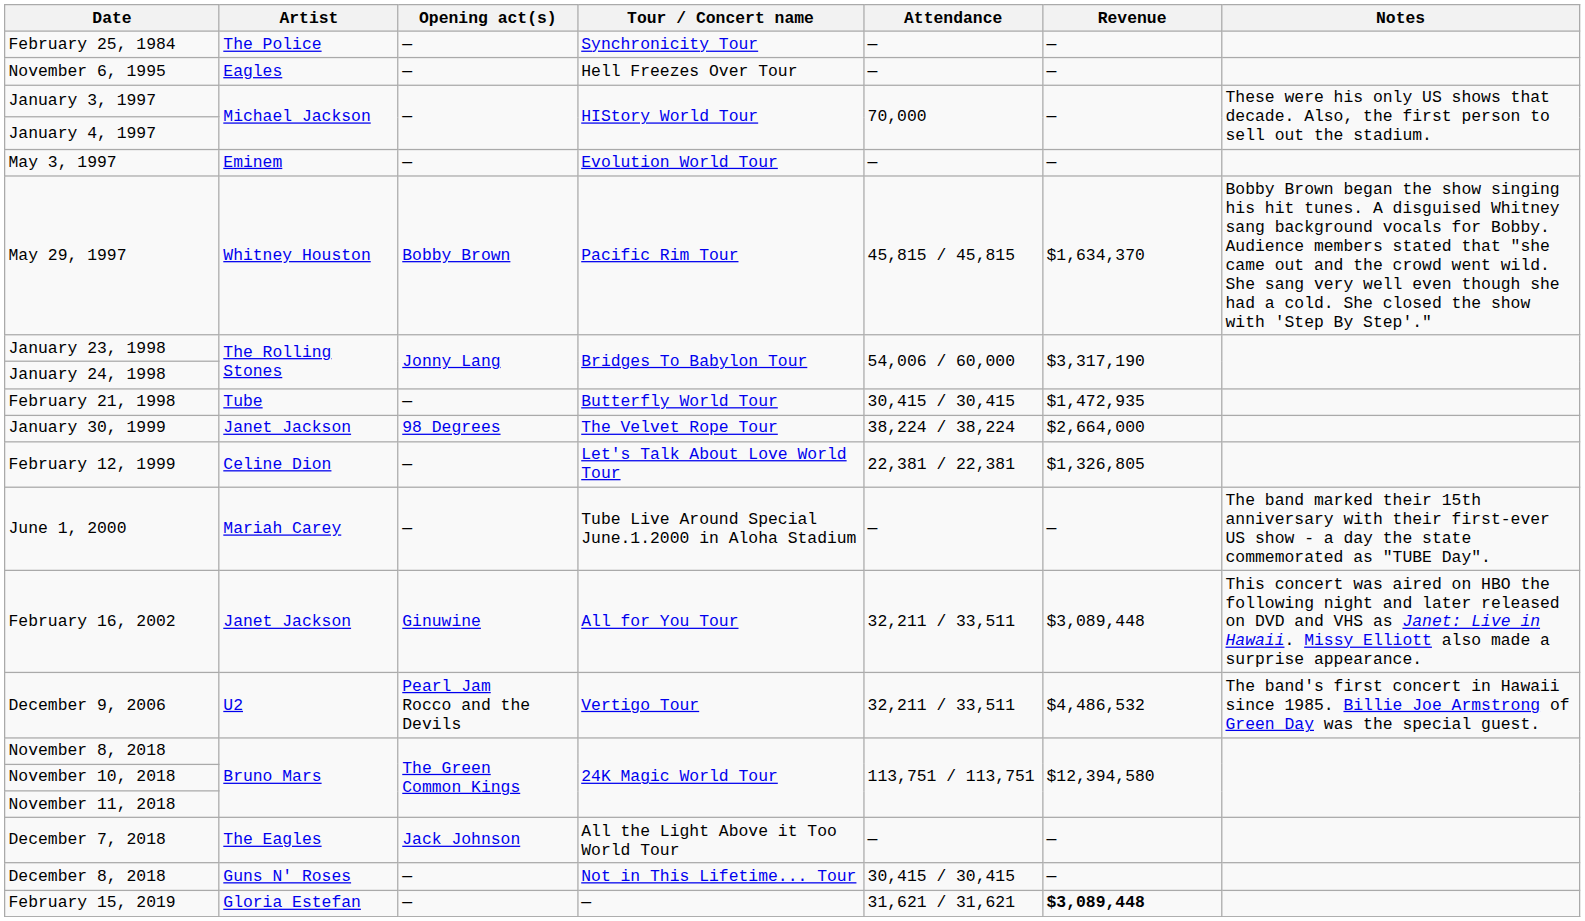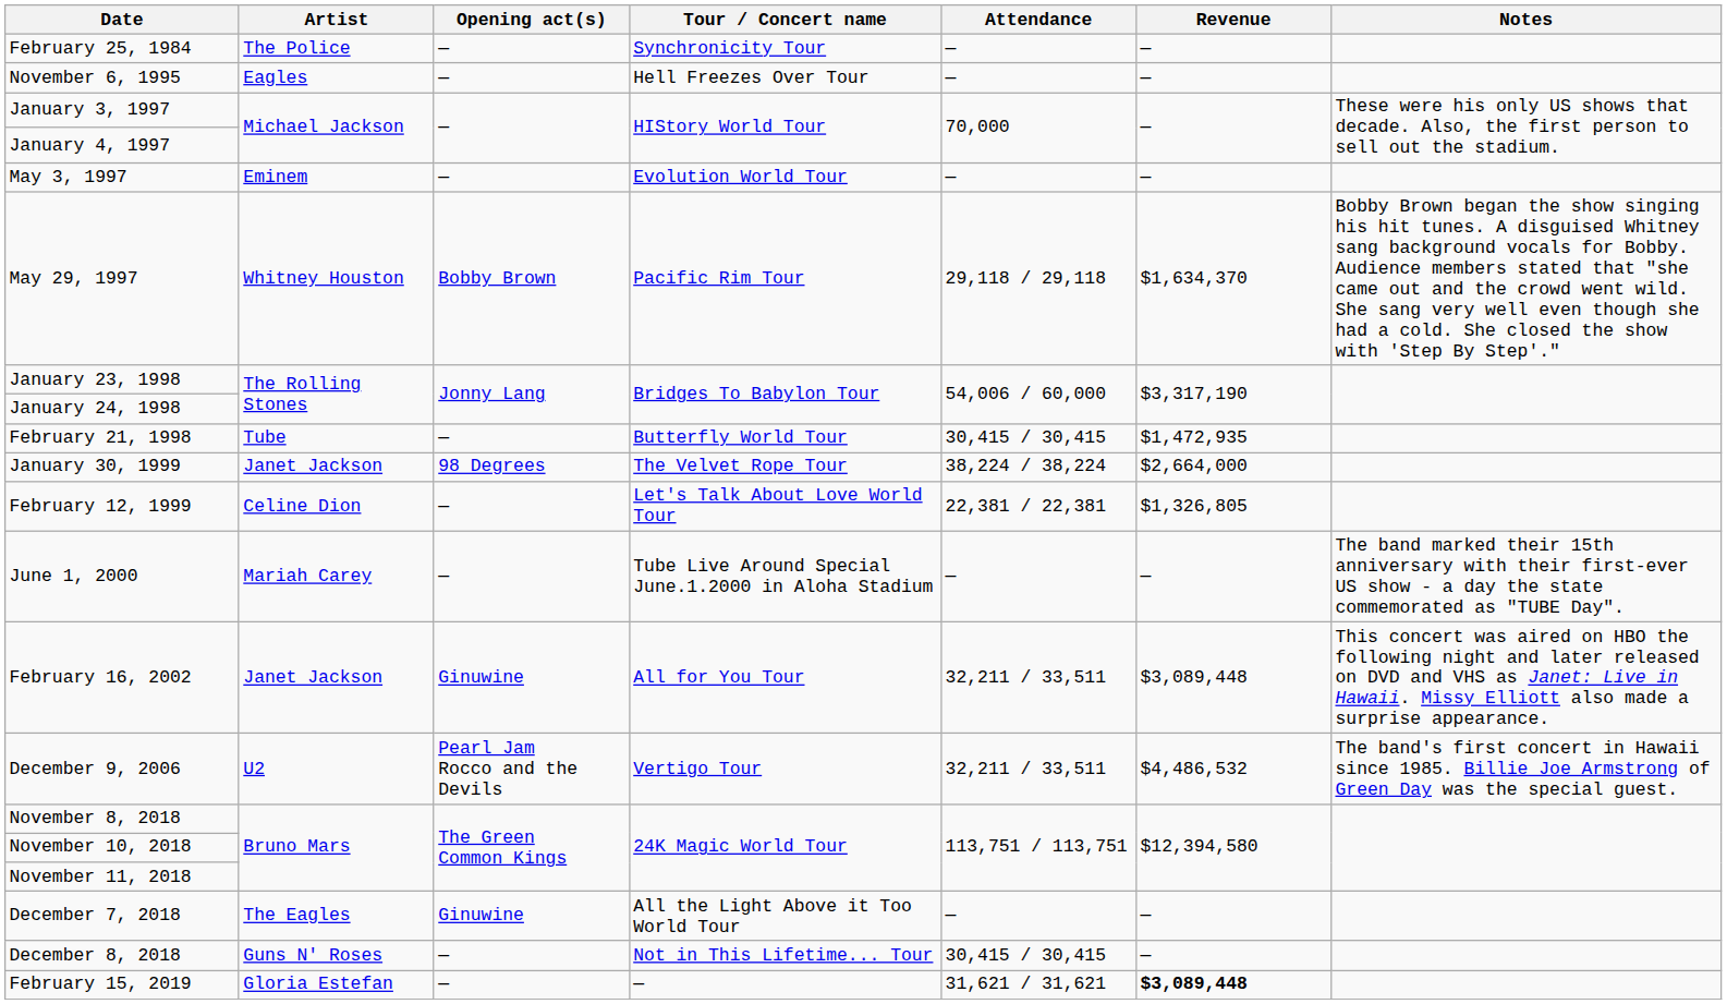 <table class="wikitable" style=font-size:100% style="text-align:center">
 <tr>
 <th width=12%>Date</th>
 <th width=10%>Artist</th>
 <th width=10%>Opening act(s)</th>
 <th width=16%>Tour / Concert name</th>
 <th width=10%>Attendance</th>
 <th width=10%>Revenue</th>
 <th width=20%>Notes</th>
 </tr>
 <tr>
 <td>February 25, 1984</td>
 <td><a href='#'>The Police</a></td>
 <td>—</td>
 <td><a href='#'>Synchronicity Tour</a></td>
 <td>—</td>
 <td>—</td>
 <td></td>
 </tr>
 <tr>
 <td>November 6, 1995</td>
 <td><a href='#'>Eagles</a></td>
 <td>—</td>
 <td>Hell Freezes Over Tour</td>
 <td>—</td>
 <td>—</td>
 <td></td>
 </tr>
 <tr>
 <td>January 3, 1997</td>
 <td rowspan=2><a href='#'>Michael Jackson</a></td>
 <td rowspan=2>—</td>
 <td rowspan=2><a href='#'>HIStory World Tour</a></td>
 <td rowspan="2">70,000</td>
 <td rowspan=2>—</td>
 <td rowspan=2>These were his only US shows that decade. Also, the first person to sell out the stadium.</td>
 </tr>
 <tr>
 <td>January 4, 1997</td>
 </tr>
 <tr>
 <td>May 3, 1997</td>
 <td><a href='#'>Eminem</a></td>
 <td>—</td>
 <td><a href='#'>Evolution World Tour</a></td>
 <td>—</td>
 <td>—</td>
 <td></td>
 </tr>
 <tr>
 <td>May 29, 1997</td>
 <td><a href='#'>Whitney Houston</a></td>
 <td><a href='#'>Bobby Brown</a></td>
 <td><a href='#'>Pacific Rim Tour</a></td>
-<td>45,815 / 45,815</td>
+<td>29,118 / 29,118</td>
 <td>$1,634,370</td>
 <td>Bobby Brown began the show singing his hit tunes. A disguised Whitney sang background vocals for Bobby. Audience members stated that "she came out and the crowd went wild. She sang very well even though she had a cold. She closed the show with 'Step By Step'."</td>
 </tr>
 <tr>
 <td>January 23, 1998</td>
 <td rowspan=2><a href='#'>The Rolling Stones</a></td>
 <td rowspan=2><a href='#'>Jonny Lang</a></td>
 <td rowspan=2><a href='#'>Bridges To Babylon Tour</a></td>
 <td rowspan=2>54,006 / 60,000</td>
 <td rowspan=2>$3,317,190</td>
 <td rowspan=2></td>
 </tr>
 <tr>
 <td>January 24, 1998</td>
 </tr>
 <tr>
 <td>February 21, 1998</td>
 <td><a href='#'>Tube</a></td>
 <td>—</td>
 <td><a href='#'>Butterfly World Tour</a></td>
 <td>30,415 / 30,415</td>
 <td>$1,472,935</td>
 <td></td>
 </tr>
 <tr>
 <td>January 30, 1999</td>
 <td><a href='#'>Janet Jackson</a></td>
 <td><a href='#'>98 Degrees</a></td>
 <td><a href='#'>The Velvet Rope Tour</a></td>
 <td>38,224	/ 38,224</td>
 <td>$2,664,000</td>
 <td></td>
 </tr>
 <tr>
 <td>February 12, 1999</td>
 <td><a href='#'>Celine Dion</a></td>
 <td>—</td>
 <td><a href='#'>Let's Talk About Love World Tour</a></td>
 <td>22,381 / 22,381</td>
 <td>$1,326,805</td>
 <td></td>
 </tr>
 <tr>
 <td>June 1, 2000</td>
 <td><a href='#'>Mariah Carey</a></td>
 <td>—</td>
 <td>Tube Live Around Special June.1.2000 in Aloha Stadium</td>
 <td>—</td>
 <td>—</td>
 <td>The band marked their 15th anniversary with their first-ever US show - a day the state commemorated as "TUBE Day".</td>
 </tr>
 <tr>
 <td>February 16, 2002</td>
 <td><a href='#'>Janet Jackson</a></td>
 <td><a href='#'>Ginuwine</a></td>
 <td><a href='#'>All for You Tour</a></td>
 <td>32,211 / 33,511</td>
 <td>$3,089,448</td>
 <td>This concert was aired on HBO the following night and later released on DVD and VHS as <em><a href='#'>Janet: Live in Hawaii</a></em>. <a href='#'>Missy Elliott</a> also made a surprise appearance.</td>
 </tr>
 <tr>
 <td>December 9, 2006</td>
 <td><a href='#'>U2</a></td>
 <td><a href='#'>Pearl Jam</a><br>Rocco and the Devils</td>
 <td><a href='#'>Vertigo Tour</a></td>
 <td>32,211 / 33,511</td>
 <td>$4,486,532</td>
 <td>The band's first concert in Hawaii since 1985. <a href='#'>Billie Joe Armstrong</a> of <a href='#'>Green Day</a> was the special guest.</td>
 </tr>
 <tr>
 <td>November 8, 2018</td>
 <td rowspan=3><a href='#'>Bruno Mars</a></td>
 <td rowspan=3><a href='#'>The Green</a><br><a href='#'>Common Kings</a></td>
 <td rowspan=3><a href='#'>24K Magic World Tour</a></td>
 <td rowspan=3>113,751 / 113,751</td>
 <td rowspan=3>$12,394,580</td>
 <td rowspan=3></td>
 </tr>
 <tr>
 <td>November 10, 2018</td>
 </tr>
 <tr>
 <td>November 11, 2018</td>
 </tr>
 <tr>
 <td>December 7, 2018</td>
 <td><a href='#'>The Eagles</a></td>
-<td><a href='#'>Jack Johnson</a></td>
+<td><a href='#'>Ginuwine</a></td>
 <td>All the Light Above it Too World Tour</td>
 <td>—</td>
 <td>—</td>
 <td></td>
 </tr>
 <tr>
 <td>December 8, 2018</td>
 <td><a href='#'>Guns N' Roses</a></td>
 <td>—</td>
 <td><a href='#'>Not in This Lifetime... Tour</a></td>
 <td>30,415 / 30,415</td>
 <td>—</td>
 <td></td>
 </tr>
 <tr>
 <td>February 15, 2019</td>
 <td><a href='#'>Gloria Estefan</a></td>
 <td>—</td>
 <td>—</td>
 <td>31,621 / 31,621</td>
 <td><strong>$3,089,448</strong></td>
 <td></td>
 </tr>
 <tr>
 </tr>
 </table>
